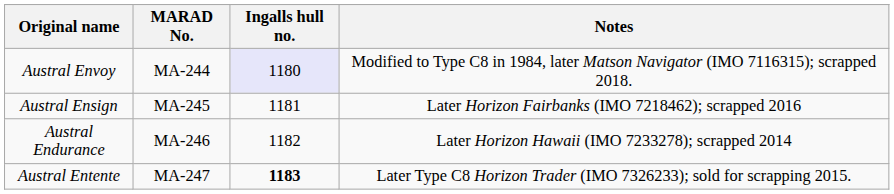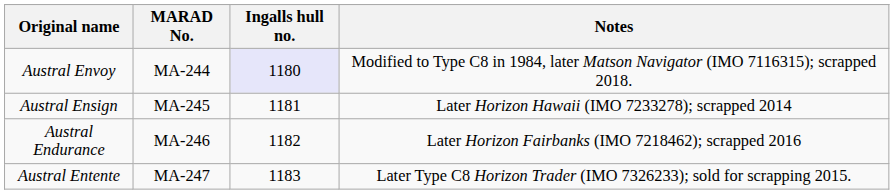 <table class="wikitable" style="text-align:center">
 <tr>
 </tr>
 <tr>
 <th>Original name</th>
 <th>MARAD No.</th>
 <th>Ingalls hull no.</th>
 <th>Notes</th>
 </tr>
 <tr>
 <td><em>Austral Envoy</em></td>
 <td>MA-244</td>
 <td style="background: lavender;">1180 </td>
 <td>Modified to Type C8 in 1984, later <em>Matson Navigator</em> (IMO 7116315); scrapped 2018.</td>
 </tr>
 <tr>
 <td><em>Austral Ensign</em></td>
 <td>MA-245</td>
 <td>1181 </td>
-<td>Later <em>Horizon Fairbanks</em> (IMO 7218462); scrapped 2016</td>
+<td>Later <em>Horizon Hawaii</em> (IMO 7233278); scrapped 2014</td>
 </tr>
 <tr>
 <td><em>Austral Endurance</em></td>
 <td>MA-246</td>
 <td>1182 </td>
-<td>Later <em>Horizon Hawaii</em> (IMO 7233278); scrapped 2014</td>
+<td>Later <em>Horizon Fairbanks</em> (IMO 7218462); scrapped 2016</td>
 </tr>
 <tr>
 <td><em>Austral Entente</em></td>
 <td>MA-247</td>
-<td><strong>1183 </strong></td>
+<td>1183 </td>
 <td>Later Type C8 <em>Horizon Trader</em> (IMO 7326233); sold for scrapping 2015.</td>
 </tr>
 </table>
